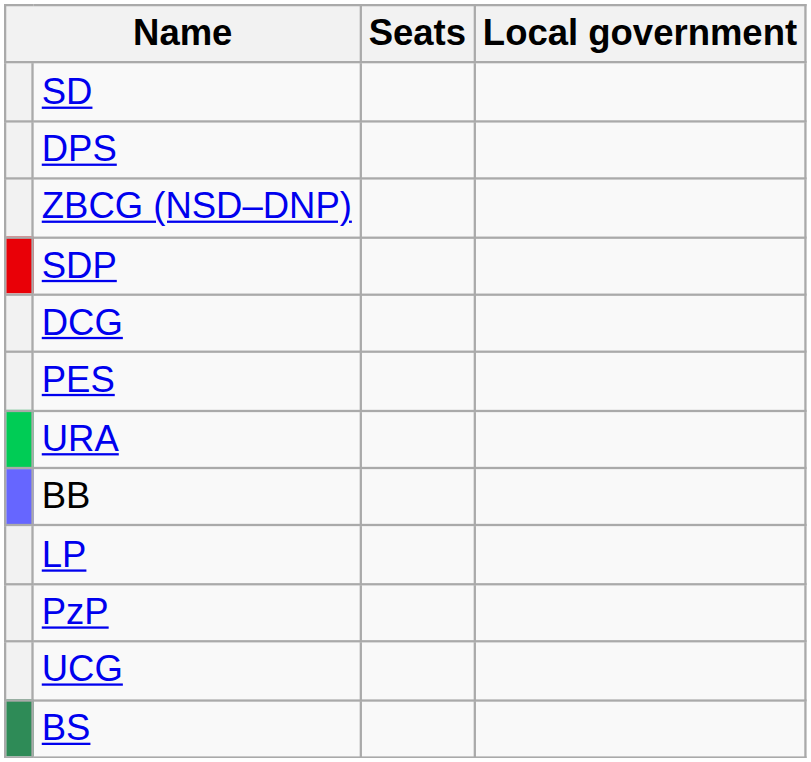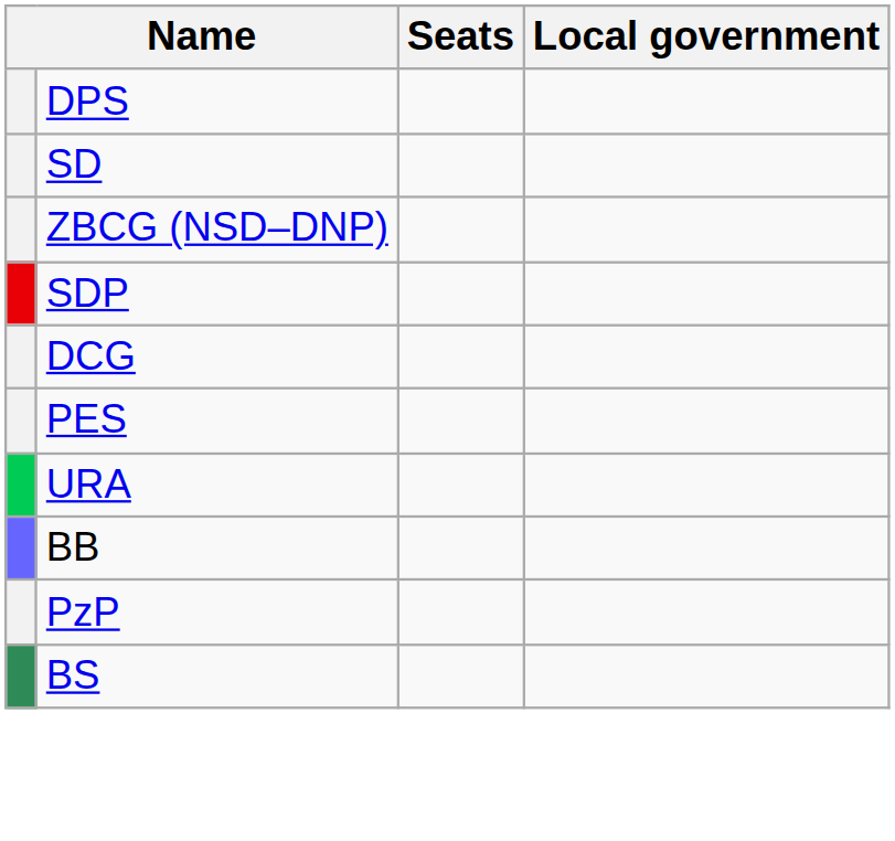 <table class="wikitable">
 <tr>
 <th colspan=2>Name</th>
 <th>Seats</th>
 <th>Local government</th>
 </tr>
 <tr>
-<th style="background:"></th>
-<td><a href='#'>SD</a></td>
+<th style="background-color: "></th>
+<td><a href='#'>DPS</a></td>
 <td></td>
 <td></td>
 </tr>
 <tr>
-<th style="background-color: "></th>
-<td><a href='#'>DPS</a></td>
+<th style="background:"></th>
+<td><a href='#'>SD</a></td>
 <td></td>
 <td></td>
 </tr>
 <tr>
 <th style="background-color:"></th>
 <td><a href='#'>ZBCG (NSD–DNP)</a></td>
 <td></td>
 <td></td>
 </tr>
 <tr>
 <th style="background-color: #e90007;"></th>
 <td><a href='#'>SDP</a></td>
 <td></td>
 <td></td>
 </tr>
 <tr>
 <th style="background:"></th>
 <td><a href='#'>DCG</a></td>
 <td></td>
 <td></td>
 </tr>
 <tr>
 <th style="background:"></th>
 <td><a href='#'>PES</a></td>
 <td></td>
 <td></td>
 </tr>
 <tr>
 <th style="background-color: #00cc55;"></th>
 <td><a href='#'>URA</a></td>
 <td></td>
 <td></td>
 </tr>
 <tr>
 <th style="width:5px; background:#6666FF;"></th>
 <td>BB</td>
 <td></td>
 <td></td>
 </tr>
 <tr>
-<th style="background-color: "></th>
-<td><a href='#'>LP</a></td>
-<td></td>
-<td></td>
-</tr>
-<tr>
 <th style="background-color:"></th>
 <td><a href='#'>PzP</a></td>
-<td></td>
-<td></td>
-</tr>
-<tr>
-<th style="background:"></th>
-<td><a href='#'>UCG</a></td>
 <td></td>
 <td></td>
 </tr>
 <tr>
 <th style="background-color: #2E8B57;"></th>
 <td><a href='#'>BS</a></td>
 <td></td>
 <td></td>
 </tr>
 </table>
